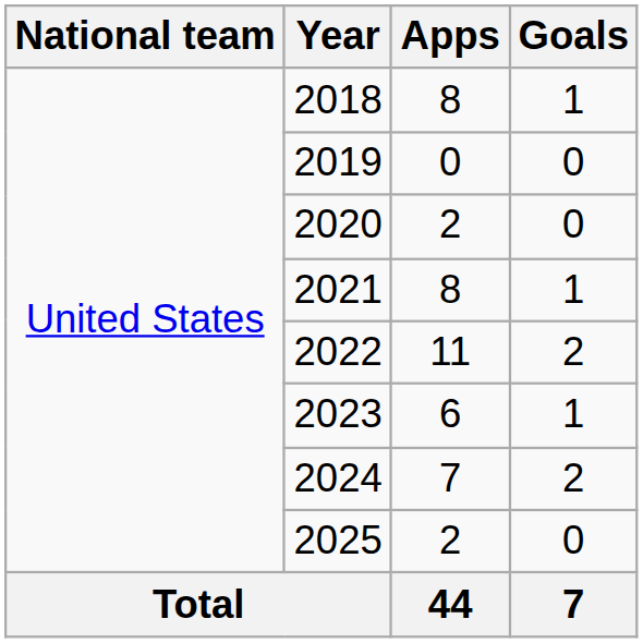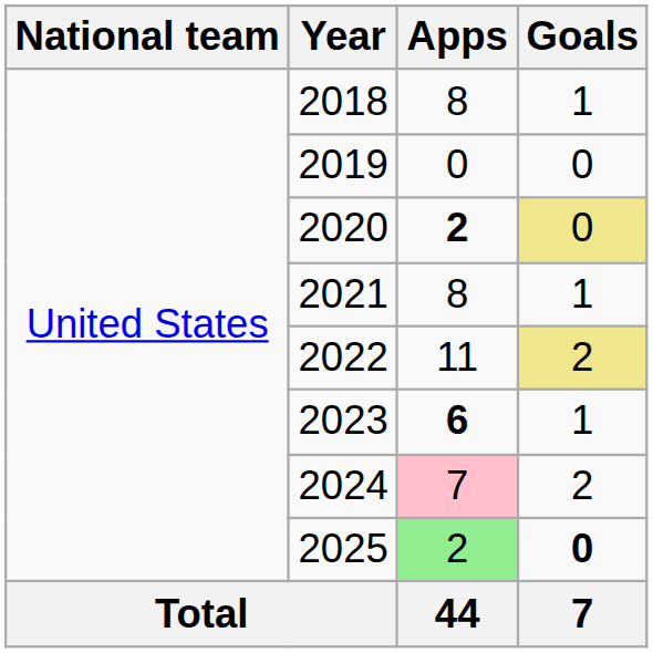 <table class="wikitable" style="text-align:center">
 <tr>
 <th>National team</th>
 <th>Year</th>
 <th>Apps</th>
 <th>Goals</th>
 </tr>
 <tr>
 <td rowspan="8"><a href='#'>United States</a></td>
 <td>2018</td>
 <td>8</td>
 <td>1</td>
 </tr>
 <tr>
 <td>2019</td>
 <td>0</td>
 <td>0</td>
 </tr>
 <tr>
 <td>2020</td>
-<td>2</td>
-<td>0</td>
+<td><strong>2</strong></td>
+<td style="background: khaki;">0</td>
 </tr>
 <tr>
 <td>2021</td>
 <td>8</td>
 <td>1</td>
 </tr>
 <tr>
 <td>2022</td>
 <td>11</td>
-<td>2</td>
+<td style="background: khaki;">2</td>
 </tr>
 <tr>
 <td>2023</td>
-<td>6</td>
+<td><strong>6</strong></td>
 <td>1</td>
 </tr>
 <tr>
 <td>2024</td>
-<td>7</td>
+<td style="background: pink;">7</td>
 <td>2</td>
 </tr>
 <tr>
 <td>2025</td>
-<td>2</td>
-<td>0</td>
+<td style="background: lightgreen;">2</td>
+<td><strong>0</strong></td>
 </tr>
 <tr>
 <th colspan="2">Total</th>
 <th>44</th>
 <th>7</th>
 </tr>
 </table>
